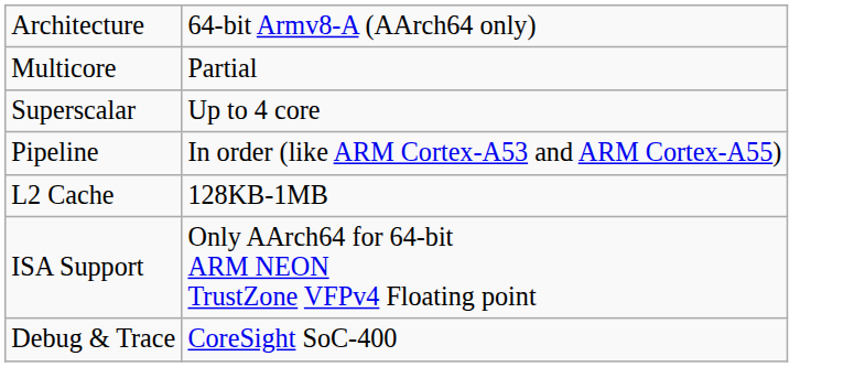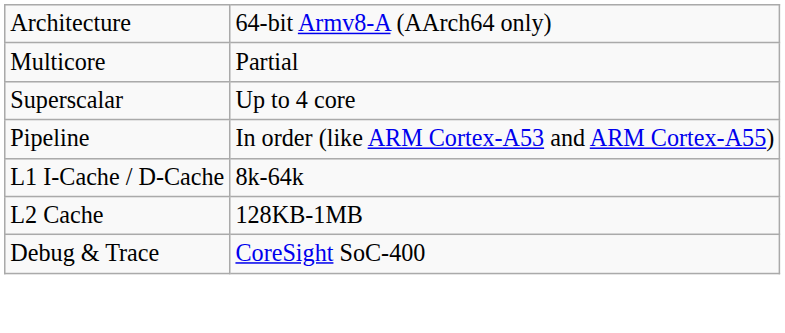 <table class="wikitable">
 <tr>
 <td>Architecture</td>
 <td>64-bit <a href='#'>Armv8-A</a> (AArch64 only)</td>
 </tr>
 <tr>
 <td>Multicore</td>
 <td>Partial</td>
 </tr>
 <tr>
 <td>Superscalar</td>
 <td>Up to 4 core</td>
 </tr>
 <tr>
 <td>Pipeline</td>
 <td>In order (like <a href='#'>ARM Cortex-A53</a> and <a href='#'>ARM Cortex-A55</a>)</td>
 </tr>
 <tr>
+<td>L1 I-Cache / D-Cache</td>
+<td>8k-64k</td>
+</tr>
+<tr>
 <td>L2 Cache</td>
 <td>128KB-1MB</td>
-</tr>
-<tr>
-<td>ISA Support</td>
-<td>Only AArch64 for 64-bit<br><a href='#'>ARM NEON</a><br><a href='#'>TrustZone</a> <a href='#'>VFPv4</a> Floating point</td>
 </tr>
 <tr>
 <td>Debug & Trace</td>
 <td><a href='#'>CoreSight</a> SoC-400</td>
 </tr>
 </table>
